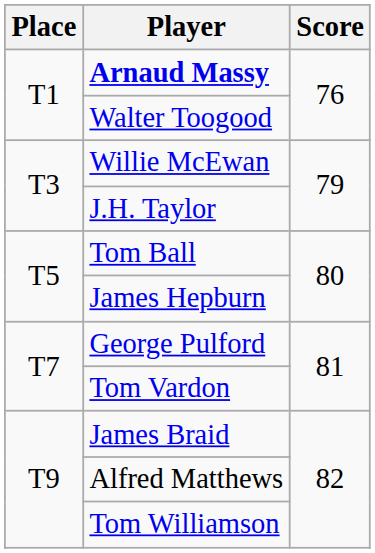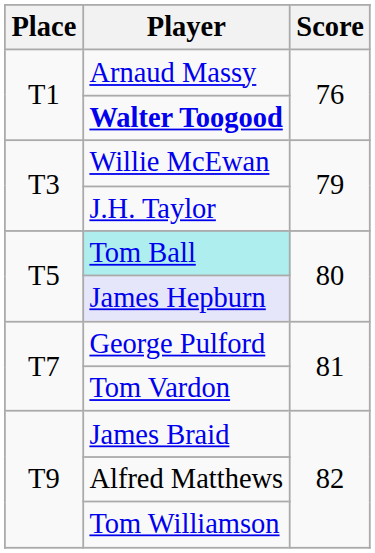 <table class=wikitable>
 <tr>
 <th>Place</th>
 <th>Player</th>
 <th>Score</th>
 </tr>
 <tr>
 <td rowspan=2 align=center>T1</td>
-<td><strong> <a href='#'>Arnaud Massy</a></strong></td>
+<td> <a href='#'>Arnaud Massy</a></td>
 <td rowspan=2 align=center>76</td>
 </tr>
 <tr>
-<td> <a href='#'>Walter Toogood</a></td>
+<td><strong> <a href='#'>Walter Toogood</a></strong></td>
 </tr>
 <tr>
 <td rowspan=2 align=center>T3</td>
 <td> <a href='#'>Willie McEwan</a></td>
 <td rowspan=2 align=center>79</td>
 </tr>
 <tr>
 <td> <a href='#'>J.H. Taylor</a></td>
 </tr>
 <tr>
 <td rowspan=2 align=center>T5</td>
-<td> <a href='#'>Tom Ball</a></td>
+<td style="background: paleturquoise;"> <a href='#'>Tom Ball</a></td>
 <td rowspan=2 align=center>80</td>
 </tr>
 <tr>
-<td> <a href='#'>James Hepburn</a></td>
+<td style="background: lavender;"> <a href='#'>James Hepburn</a></td>
 </tr>
 <tr>
 <td rowspan=2 align=center>T7</td>
 <td> <a href='#'>George Pulford</a></td>
 <td rowspan=2 align=center>81</td>
 </tr>
 <tr>
 <td> <a href='#'>Tom Vardon</a></td>
 </tr>
 <tr>
 <td rowspan=3 align=center>T9</td>
 <td> <a href='#'>James Braid</a></td>
 <td rowspan=3 align=center>82</td>
 </tr>
 <tr>
 <td> Alfred Matthews</td>
 </tr>
 <tr>
 <td> <a href='#'>Tom Williamson</a></td>
 </tr>
 </table>
